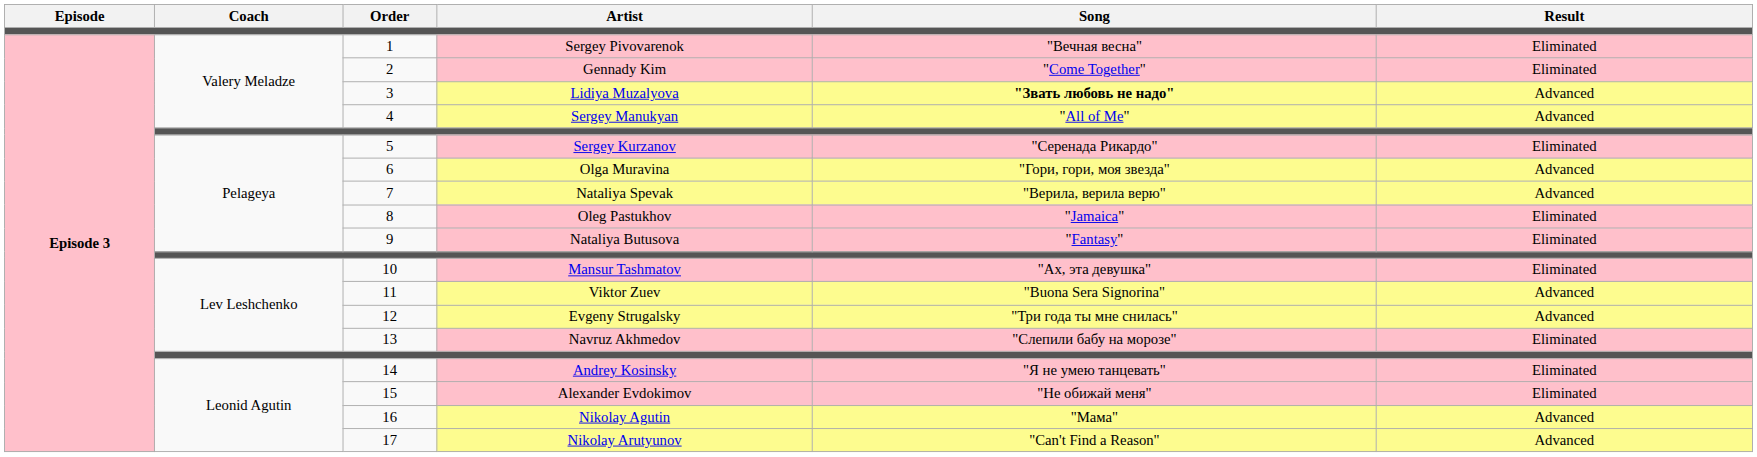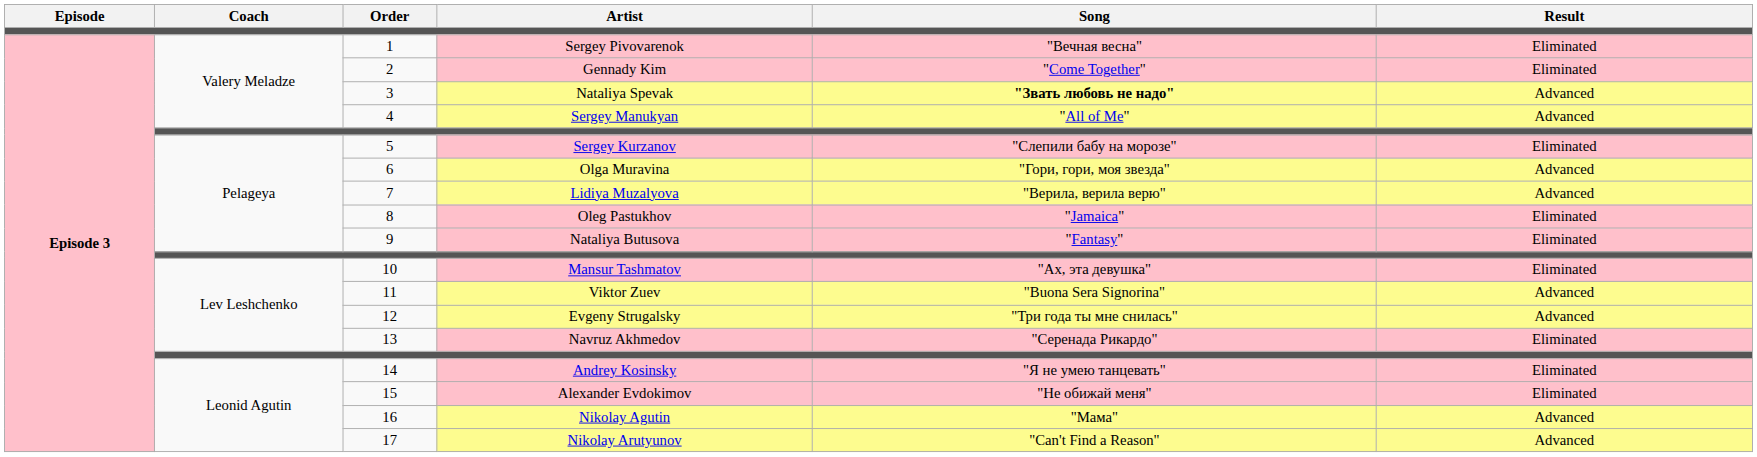 <table class="wikitable" style="text-align: center; width:120%;">
 <tr>
 <th style="width:08%;">Episode</th>
 <th style="width:10%;">Coach</th>
 <th style="width:05%;">Order</th>
 <th style="width:20%;">Artist</th>
 <th style="width:30%;">Song</th>
 <th style="width:20%;">Result</th>
 </tr>
 <tr>
 <td colspan="6" style="background:#555;"></td>
 </tr>
 <tr>
 <th rowspan=21 style="background:pink; width:06%;">Episode 3 <br>  </th>
 <td rowspan=4>Valery Meladze</td>
 <td>1</td>
 <td style="background:pink;">Sergey Pivovarenok</td>
 <td style="background:pink;">"Вечная весна"</td>
 <td style="background:pink;">Eliminated</td>
 </tr>
 <tr>
 <td>2</td>
 <td style="background:pink;">Gennady Kim</td>
 <td style="background:pink;">"<a href='#'>Come Together</a>"</td>
 <td style="background:pink;">Eliminated</td>
 </tr>
 <tr>
 <td>3</td>
-<td style="background:#fdfc8f;"><a href='#'>Lidiya Muzalyova</a></td>
+<td style="background:#fdfc8f;">Nataliya Spevak</td>
 <td style="background:#fdfc8f;"><strong>"Звать любовь не надо"</strong></td>
 <td style="background:#fdfc8f;">Advanced</td>
 </tr>
 <tr>
 <td>4</td>
 <td style="background:#fdfc8f;"><a href='#'>Sergey Manukyan</a></td>
 <td style="background:#fdfc8f;">"<a href='#'>All of Me</a>"</td>
 <td style="background:#fdfc8f;">Advanced</td>
 </tr>
 <tr>
 <td colspan=6 style="background:#555555;"></td>
 </tr>
 <tr>
 <td rowspan=5>Pelageya</td>
 <td>5</td>
 <td style="background:pink;"><a href='#'>Sergey Kurzanov</a></td>
-<td style="background:pink;">"Серенада Рикардо"</td>
+<td style="background:pink;">"Слепили бабу на морозе"</td>
 <td style="background:pink;">Eliminated</td>
 </tr>
 <tr>
 <td>6</td>
 <td style="background:#fdfc8f;">Olga Muravina</td>
 <td style="background:#fdfc8f;">"Гори, гори, моя звезда"</td>
 <td style="background:#fdfc8f;">Advanced</td>
 </tr>
 <tr>
 <td>7</td>
-<td style="background:#fdfc8f;">Nataliya Spevak</td>
+<td style="background:#fdfc8f;"><a href='#'>Lidiya Muzalyova</a></td>
 <td style="background:#fdfc8f;">"Верила, верила верю"</td>
 <td style="background:#fdfc8f;">Advanced</td>
 </tr>
 <tr>
 <td>8</td>
 <td style="background:pink;">Oleg Pastukhov</td>
 <td style="background:pink;">"<a href='#'>Jamaica</a>"</td>
 <td style="background:pink;">Eliminated</td>
 </tr>
 <tr>
 <td>9</td>
 <td style="background:pink;">Nataliya Butusova</td>
 <td style="background:pink;">"<a href='#'>Fantasy</a>"</td>
 <td style="background:pink;">Eliminated</td>
 </tr>
 <tr>
 <td colspan=6 style="background:#555555;"></td>
 </tr>
 <tr>
 <td rowspan=4>Lev Leshchenko</td>
 <td>10</td>
 <td style="background:pink;"><a href='#'>Mansur Tashmatov</a></td>
 <td style="background:pink;">"Ах, эта девушка"</td>
 <td style="background:pink;">Eliminated</td>
 </tr>
 <tr>
 <td>11</td>
 <td style="background:#fdfc8f;">Viktor Zuev</td>
 <td style="background:#fdfc8f;">"Buona Sera Signorina"</td>
 <td style="background:#fdfc8f;">Advanced</td>
 </tr>
 <tr>
 <td>12</td>
 <td style="background:#fdfc8f;">Evgeny Strugalsky</td>
 <td style="background:#fdfc8f;">"Три года ты мне снилась"</td>
 <td style="background:#fdfc8f;">Advanced</td>
 </tr>
 <tr>
 <td>13</td>
 <td style="background:pink;">Navruz Akhmedov</td>
-<td style="background:pink;">"Слепили бабу на морозе"</td>
+<td style="background:pink;">"Серенада Рикардо"</td>
 <td style="background:pink;">Eliminated</td>
 </tr>
 <tr>
 <td colspan=6 style="background:#555555;"></td>
 </tr>
 <tr>
 <td rowspan=4>Leonid Agutin</td>
 <td>14</td>
 <td style="background:pink;"><a href='#'>Andrey Kosinsky</a></td>
 <td style="background:pink;">"Я не умею танцевать"</td>
 <td style="background:pink;">Eliminated</td>
 </tr>
 <tr>
 <td>15</td>
 <td style="background:pink;">Alexander Evdokimov</td>
 <td style="background:pink;">"Не обижай меня"</td>
 <td style="background:pink;">Eliminated</td>
 </tr>
 <tr>
 <td>16</td>
 <td style="background:#fdfc8f;"><a href='#'>Nikolay Agutin</a></td>
 <td style="background:#fdfc8f;">"Мама"</td>
 <td style="background:#fdfc8f;">Advanced</td>
 </tr>
 <tr>
 <td>17</td>
 <td style="background:#fdfc8f;"><a href='#'>Nikolay Arutyunov</a></td>
 <td style="background:#fdfc8f;">"Can't Find a Reason"</td>
 <td style="background:#fdfc8f;">Advanced</td>
 </tr>
 </table>
